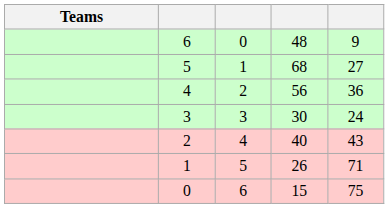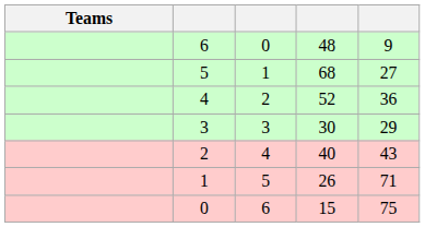 <table class="wikitable" style="text-align: center;">
 <tr>
 <th style="width: 150px;">Teams</th>
 <th style="width: 50px;"></th>
 <th style="width: 50px;"></th>
 <th style="width: 50px;"></th>
 <th style="width: 50px;"></th>
 </tr>
 <tr style="background: #CFC;">
 <td style="text-align: left;"></td>
 <td>6</td>
 <td>0</td>
 <td>48</td>
 <td>9</td>
 </tr>
 <tr style="background: #CFC;">
 <td style="text-align: left;"></td>
 <td>5</td>
 <td>1</td>
 <td>68</td>
 <td>27</td>
 </tr>
 <tr style="background: #CFC;">
 <td style="text-align: left;"></td>
 <td>4</td>
 <td>2</td>
-<td>56</td>
+<td>52</td>
 <td>36</td>
 </tr>
 <tr style="background: #CFC;">
 <td style="text-align: left;"></td>
 <td>3</td>
 <td>3</td>
 <td>30</td>
-<td>24</td>
+<td>29</td>
 </tr>
 <tr style="background: #FCC;">
 <td style="text-align: left;"></td>
 <td>2</td>
 <td>4</td>
 <td>40</td>
 <td>43</td>
 </tr>
 <tr style="background: #FCC;">
 <td style="text-align: left;"></td>
 <td>1</td>
 <td>5</td>
 <td>26</td>
 <td>71</td>
 </tr>
 <tr style="background: #FCC;">
 <td style="text-align: left;"></td>
 <td>0</td>
 <td>6</td>
 <td>15</td>
 <td>75</td>
 </tr>
 </table>
